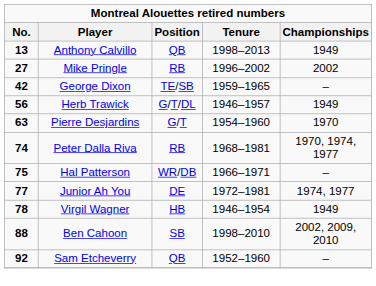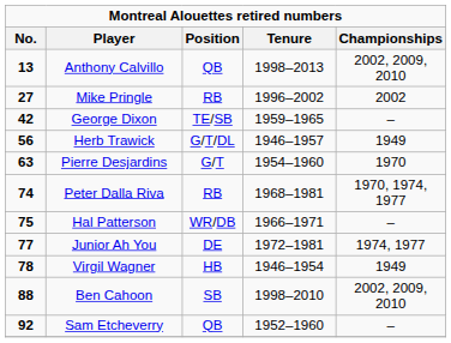 <table class="wikitable sortable" style="text-align:center">
 <tr>
 <td colspan="5"><strong>Montreal Alouettes retired numbers</strong></td>
 </tr>
 <tr>
 <th width="40">No.</th>
 <th width="150">Player</th>
 <th width="40">Position</th>
 <th width="100">Tenure</th>
 <th width="100">Championships</th>
 </tr>
 <tr>
 <td><strong>13</strong></td>
 <td><a href='#'>Anthony Calvillo</a></td>
 <td><a href='#'>QB</a></td>
 <td>1998–2013</td>
-<td>1949</td>
+<td>2002, 2009, 2010</td>
 </tr>
 <tr>
 <td><strong>27</strong></td>
 <td><a href='#'>Mike Pringle</a></td>
 <td><a href='#'>RB</a></td>
 <td>1996–2002</td>
 <td>2002</td>
 </tr>
 <tr>
 <td><strong>42</strong></td>
 <td><a href='#'>George Dixon</a></td>
 <td><a href='#'>TE</a>/<a href='#'>SB</a></td>
 <td>1959–1965</td>
 <td>–</td>
 </tr>
 <tr>
 <td><strong>56</strong></td>
 <td><a href='#'>Herb Trawick</a></td>
 <td><a href='#'>G</a>/<a href='#'>T</a>/<a href='#'>DL</a></td>
 <td>1946–1957</td>
 <td>1949</td>
 </tr>
 <tr>
 <td><strong>63</strong></td>
 <td><a href='#'>Pierre Desjardins</a></td>
 <td><a href='#'>G</a>/<a href='#'>T</a></td>
 <td>1954–1960</td>
 <td>1970</td>
 </tr>
 <tr>
 <td><strong>74</strong></td>
 <td><a href='#'>Peter Dalla Riva</a></td>
 <td><a href='#'>RB</a></td>
 <td>1968–1981</td>
 <td>1970, 1974, 1977</td>
 </tr>
 <tr>
 <td><strong>75</strong></td>
 <td><a href='#'>Hal Patterson</a></td>
 <td><a href='#'>WR</a>/<a href='#'>DB</a></td>
 <td>1966–1971</td>
 <td>–</td>
 </tr>
 <tr>
 <td><strong>77</strong></td>
 <td><a href='#'>Junior Ah You</a></td>
 <td><a href='#'>DE</a></td>
 <td>1972–1981</td>
 <td>1974, 1977</td>
 </tr>
 <tr>
 <td><strong>78</strong></td>
 <td><a href='#'>Virgil Wagner</a></td>
 <td><a href='#'>HB</a></td>
 <td>1946–1954</td>
 <td>1949</td>
 </tr>
 <tr>
 <td><strong>88</strong></td>
 <td><a href='#'>Ben Cahoon</a></td>
 <td><a href='#'>SB</a></td>
 <td>1998–2010</td>
 <td>2002, 2009, 2010</td>
 </tr>
 <tr>
 <td><strong>92</strong></td>
 <td><a href='#'>Sam Etcheverry</a></td>
 <td><a href='#'>QB</a></td>
 <td>1952–1960</td>
 <td>–</td>
 </tr>
 <tr>
 </tr>
 </table>
